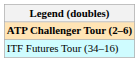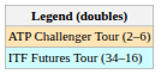 <table class=wikitable style=font-size:97%>
 <tr>
 <th>Legend (doubles)</th>
 </tr>
 <tr bgcolor=moccasin>
-<td><strong>ATP Challenger Tour (2–6)</strong></td>
+<td>ATP Challenger Tour (2–6)</td>
 </tr>
 <tr bgcolor=cffcff>
 <td>ITF Futures Tour (34–16)</td>
 </tr>
 </table>
